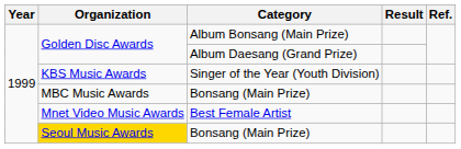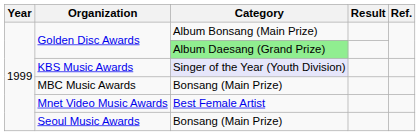 <table class="wikitable">
 <tr>
 <th>Year</th>
 <th>Organization</th>
 <th>Category</th>
 <th>Result</th>
 <th>Ref.</th>
 </tr>
 <tr>
 <td rowspan="6">1999</td>
 <td rowspan="2"><a href='#'>Golden Disc Awards</a></td>
 <td>Album Bonsang (Main Prize)</td>
 <td></td>
 <td style="text-align:center" rowspan="2"></td>
 </tr>
 <tr>
-<td>Album Daesang (Grand Prize)</td>
+<td style="background: lightgreen;">Album Daesang (Grand Prize)</td>
 <td></td>
 </tr>
 <tr>
 <td><a href='#'>KBS Music Awards</a></td>
-<td>Singer of the Year (Youth Division)</td>
+<td style="background: lavender;">Singer of the Year (Youth Division)</td>
 <td></td>
 <td style="text-align:center"></td>
 </tr>
 <tr>
 <td>MBC Music Awards</td>
 <td>Bonsang (Main Prize)</td>
 <td></td>
 <td style="text-align:center"></td>
 </tr>
 <tr>
 <td><a href='#'>Mnet Video Music Awards</a></td>
 <td><a href='#'>Best Female Artist</a></td>
 <td></td>
 <td style="text-align:center"></td>
 </tr>
 <tr>
-<td style="background: gold;"><a href='#'>Seoul Music Awards</a></td>
+<td><a href='#'>Seoul Music Awards</a></td>
 <td>Bonsang (Main Prize)</td>
 <td></td>
 <td style="text-align:center"></td>
 </tr>
 </table>
